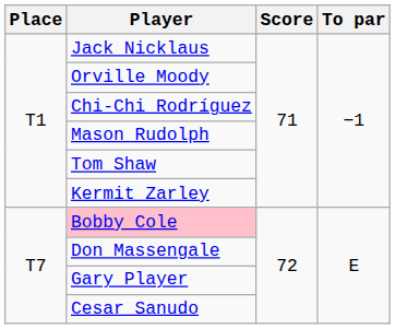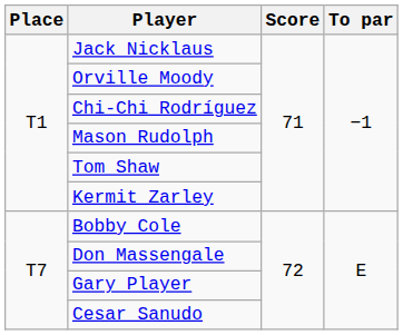 <table class=wikitable>
 <tr>
 <th>Place</th>
 <th>Player</th>
 <th>Score</th>
 <th>To par</th>
 </tr>
 <tr>
 <td align=center rowspan=6>T1</td>
 <td> <a href='#'>Jack Nicklaus</a></td>
 <td rowspan=6 align=center>71</td>
 <td rowspan=6 align=center>−1</td>
 </tr>
 <tr>
 <td> <a href='#'>Orville Moody</a></td>
 </tr>
 <tr>
 <td> <a href='#'>Chi-Chi Rodríguez</a></td>
 </tr>
 <tr>
 <td> <a href='#'>Mason Rudolph</a></td>
 </tr>
 <tr>
 <td> <a href='#'>Tom Shaw</a></td>
 </tr>
 <tr>
 <td> <a href='#'>Kermit Zarley</a></td>
 </tr>
 <tr>
 <td rowspan=4 align=center>T7</td>
-<td style="background: pink;"> <a href='#'>Bobby Cole</a></td>
+<td> <a href='#'>Bobby Cole</a></td>
 <td rowspan= 4 align=center>72</td>
 <td rowspan=4 align=center>E</td>
 </tr>
 <tr>
 <td> <a href='#'>Don Massengale</a></td>
 </tr>
 <tr>
 <td> <a href='#'>Gary Player</a></td>
 </tr>
 <tr>
 <td> <a href='#'>Cesar Sanudo</a></td>
 </tr>
 </table>
